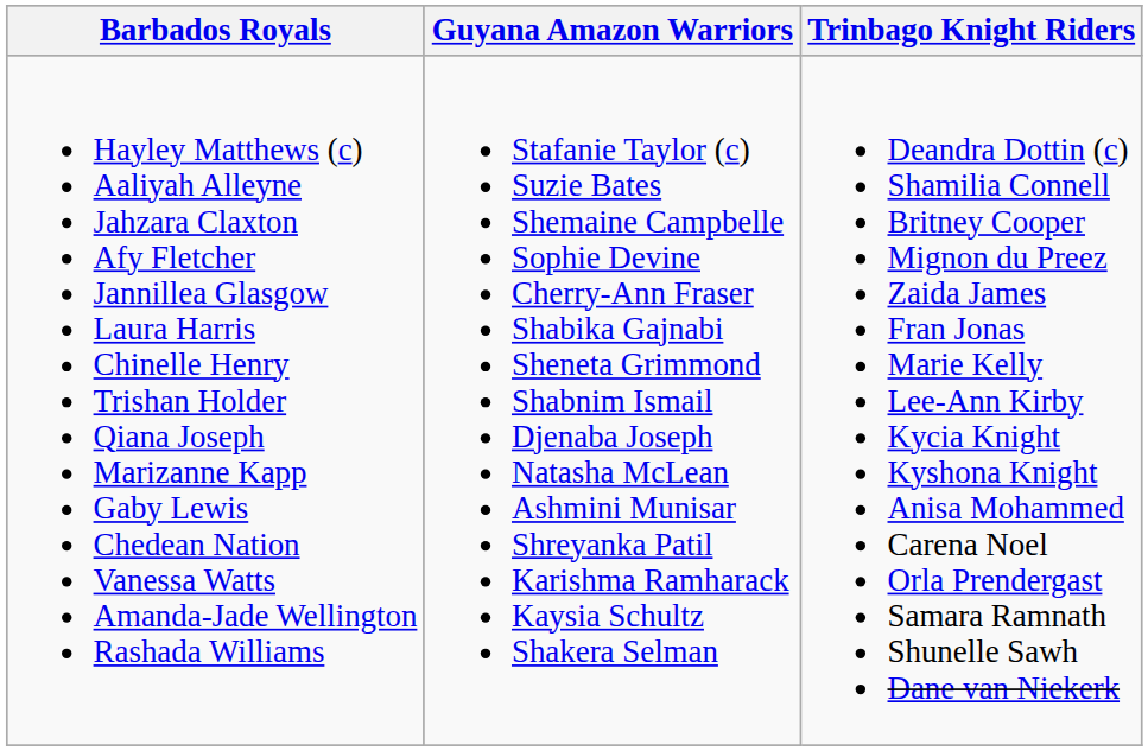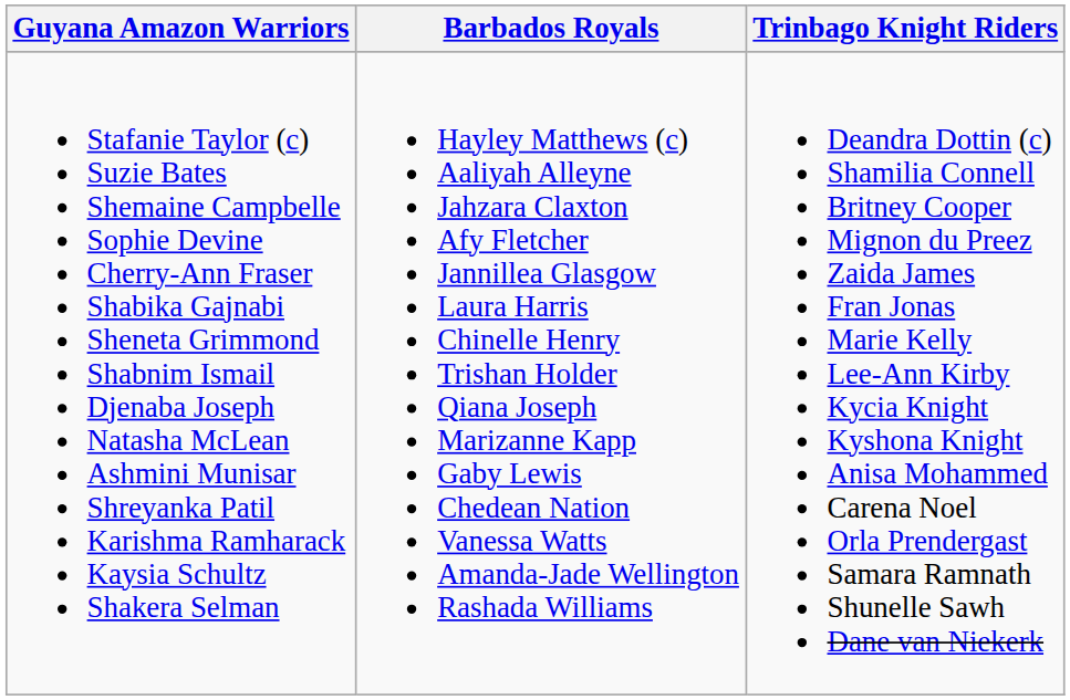 <table class="wikitable" style="text-align:left; margin:auto">
 <tr>
+<th><a href='#'>Guyana Amazon Warriors</a></th>
 <th><a href='#'>Barbados Royals</a></th>
-<th><a href='#'>Guyana Amazon Warriors</a></th>
 <th><a href='#'>Trinbago Knight Riders</a></th>
 </tr>
 <tr style="vertical-align:top">
+<td><br><ul><li><a href='#'>Stafanie Taylor</a> (<a href='#'>c</a>)</li><li><a href='#'>Suzie Bates</a></li><li><a href='#'>Shemaine Campbelle</a></li><li><a href='#'>Sophie Devine</a></li><li><a href='#'>Cherry-Ann Fraser</a></li><li><a href='#'>Shabika Gajnabi</a></li><li><a href='#'>Sheneta Grimmond</a></li><li><a href='#'>Shabnim Ismail</a></li><li><a href='#'>Djenaba Joseph</a></li><li><a href='#'>Natasha McLean</a></li><li><a href='#'>Ashmini Munisar</a></li><li><a href='#'>Shreyanka Patil</a></li><li><a href='#'>Karishma Ramharack</a></li><li><a href='#'>Kaysia Schultz</a></li><li><a href='#'>Shakera Selman</a></li></ul></td>
 <td><br><ul><li><a href='#'>Hayley Matthews</a> (<a href='#'>c</a>)</li><li><a href='#'>Aaliyah Alleyne</a></li><li><a href='#'>Jahzara Claxton</a></li><li><a href='#'>Afy Fletcher</a></li><li><a href='#'>Jannillea Glasgow</a></li><li><a href='#'>Laura Harris</a></li><li><a href='#'>Chinelle Henry</a></li><li><a href='#'>Trishan Holder</a></li><li><a href='#'>Qiana Joseph</a></li><li><a href='#'>Marizanne Kapp</a></li><li><a href='#'>Gaby Lewis</a></li><li><a href='#'>Chedean Nation</a></li><li><a href='#'>Vanessa Watts</a></li><li><a href='#'>Amanda-Jade Wellington</a></li><li><a href='#'>Rashada Williams</a></li></ul></td>
-<td><br><ul><li><a href='#'>Stafanie Taylor</a> (<a href='#'>c</a>)</li><li><a href='#'>Suzie Bates</a></li><li><a href='#'>Shemaine Campbelle</a></li><li><a href='#'>Sophie Devine</a></li><li><a href='#'>Cherry-Ann Fraser</a></li><li><a href='#'>Shabika Gajnabi</a></li><li><a href='#'>Sheneta Grimmond</a></li><li><a href='#'>Shabnim Ismail</a></li><li><a href='#'>Djenaba Joseph</a></li><li><a href='#'>Natasha McLean</a></li><li><a href='#'>Ashmini Munisar</a></li><li><a href='#'>Shreyanka Patil</a></li><li><a href='#'>Karishma Ramharack</a></li><li><a href='#'>Kaysia Schultz</a></li><li><a href='#'>Shakera Selman</a></li></ul></td>
 <td><br><ul><li><a href='#'>Deandra Dottin</a> (<a href='#'>c</a>)</li><li><a href='#'>Shamilia Connell</a></li><li><a href='#'>Britney Cooper</a></li><li><a href='#'>Mignon du Preez</a></li><li><a href='#'>Zaida James</a></li><li><a href='#'>Fran Jonas</a></li><li><a href='#'>Marie Kelly</a></li><li><a href='#'>Lee-Ann Kirby</a></li><li><a href='#'>Kycia Knight</a></li><li><a href='#'>Kyshona Knight</a></li><li><a href='#'>Anisa Mohammed</a></li><li>Carena Noel</li><li><a href='#'>Orla Prendergast</a></li><li>Samara Ramnath</li><li>Shunelle Sawh</li><li><s><a href='#'>Dane van Niekerk</a></s></li></ul></td>
 </tr>
 </table>
